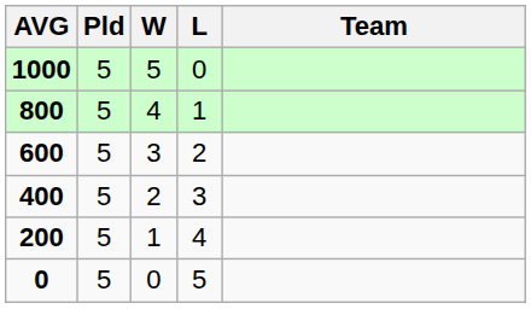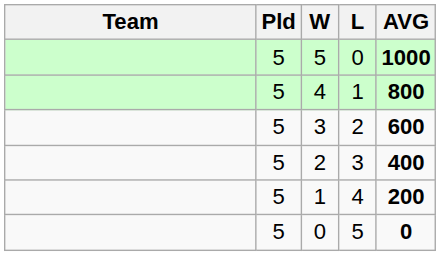 <table class="wikitable" style="text-align:center;">
 <tr>
-<th width=30 abbr="Average">AVG</th>
+<th width=175>Team</th>
 <th width=20 abbr="Played">Pld</th>
 <th width=20 abbr="Won">W</th>
 <th width=20 abbr="Lost">L</th>
-<th width=175>Team</th>
+<th width=30 abbr="Average">AVG</th>
 </tr>
 <tr style="background:#ccffcc">
-<td><strong>1000</strong></td>
+<td align=left></td>
 <td>5</td>
 <td>5</td>
 <td>0</td>
-<td align=left></td>
+<td><strong>1000</strong></td>
 </tr>
 <tr style="background:#ccffcc">
-<td><strong>800</strong></td>
+<td align=left></td>
 <td>5</td>
 <td>4</td>
 <td>1</td>
-<td align=left></td>
+<td><strong>800</strong></td>
 </tr>
 <tr>
-<td><strong>600</strong></td>
+<td align=left></td>
 <td>5</td>
 <td>3</td>
 <td>2</td>
-<td align=left></td>
+<td><strong>600</strong></td>
 </tr>
 <tr>
-<td><strong>400</strong></td>
+<td align=left></td>
 <td>5</td>
 <td>2</td>
 <td>3</td>
-<td align=left></td>
+<td><strong>400</strong></td>
 </tr>
 <tr>
-<td><strong>200</strong></td>
+<td align=left></td>
 <td>5</td>
 <td>1</td>
 <td>4</td>
-<td align=left></td>
+<td><strong>200</strong></td>
 </tr>
 <tr>
-<td><strong>0</strong></td>
+<td align=left></td>
 <td>5</td>
 <td>0</td>
 <td>5</td>
-<td align=left></td>
+<td><strong>0</strong></td>
 </tr>
 </table>
